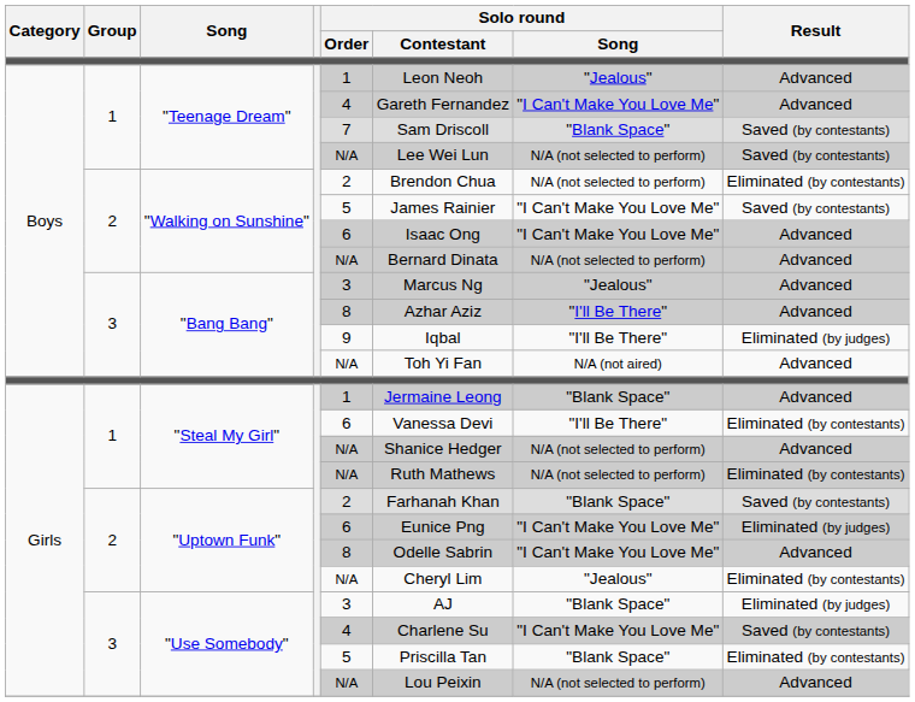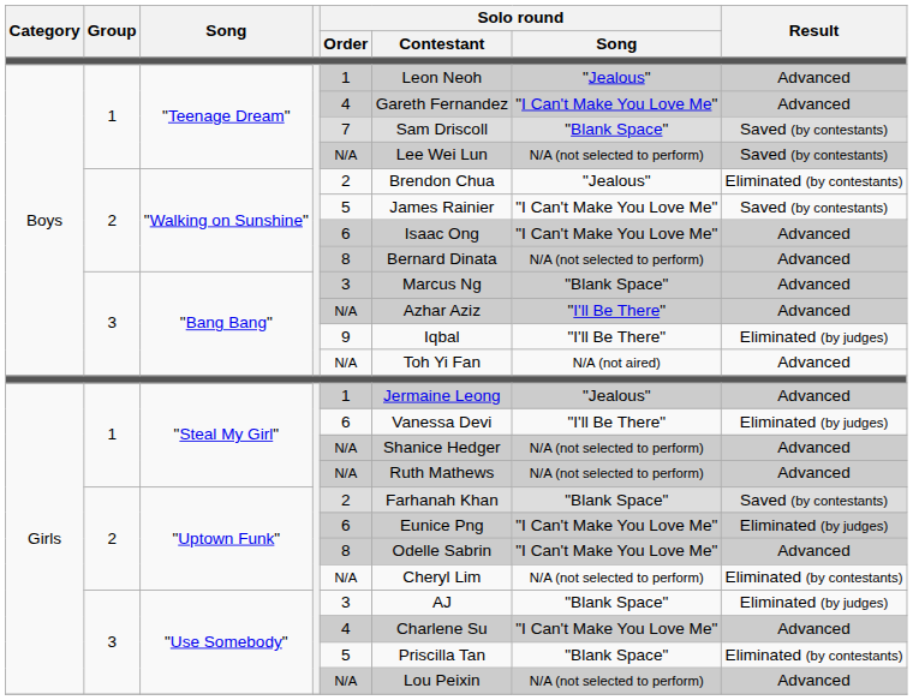 <table class="wikitable plainrowheaders" style="text-align:center;">
 <tr>
 <th rowspan=2 scope="col">Category</th>
 <th rowspan=2 scope="col">Group</th>
 <th rowspan=2 scope="col">Song</th>
 <th rowspan=2 scope="col"></th>
 <th colspan=3 scope="col">Solo round</th>
 <th rowspan=2 scope="col">Result</th>
 </tr>
 <tr>
 <th scope="col">Order</th>
 <th scope="col">Contestant</th>
 <th scope="col">Song</th>
 </tr>
 <tr>
 <td colspan="8" style="background:#555;"></td>
 </tr>
 <tr>
 <td rowspan=12 scope="row">Boys</td>
 <td rowspan=4 scope="row">1</td>
 <td rowspan=4>"<a href='#'>Teenage Dream</a>"</td>
 <th rowspan=12 scope="col"></th>
 <td style="background:#ccc;" scope="row">1</td>
 <td style="background:#ccc;">Leon Neoh</td>
 <td style="background:#ccc;">"<a href='#'>Jealous</a>"</td>
 <td style="background:#ccc;">Advanced</td>
 </tr>
 <tr style="background:#ccc;">
 <td scope="row">4</td>
 <td>Gareth Fernandez</td>
 <td>"<a href='#'>I Can't Make You Love Me</a>"</td>
 <td>Advanced</td>
 </tr>
 <tr style="background:#ddd;">
 <td scope="row">7</td>
 <td>Sam Driscoll</td>
 <td>"<a href='#'>Blank Space</a>"</td>
 <td>Saved <small>(by contestants)</small></td>
 </tr>
 <tr style="background:#ccc;">
 <td scope="row"><small>N/A</small></td>
 <td>Lee Wei Lun</td>
 <td><small>N/A (not selected to perform)</small></td>
 <td>Saved <small>(by contestants)</small></td>
 </tr>
 <tr>
 <td rowspan=4 scope="row">2</td>
 <td rowspan=4>"<a href='#'>Walking on Sunshine</a>"</td>
 <td scope="row">2</td>
 <td>Brendon Chua</td>
-<td><small>N/A (not selected to perform)</small></td>
+<td>"Jealous"</td>
 <td>Eliminated <small>(by contestants)</small></td>
 </tr>
 <tr>
 <td scope="row">5</td>
 <td>James Rainier</td>
 <td>"I Can't Make You Love Me"</td>
 <td>Saved <small>(by contestants)</small></td>
 </tr>
 <tr style="background:#ccc;">
 <td scope="row">6</td>
 <td>Isaac Ong</td>
 <td>"I Can't Make You Love Me"</td>
 <td>Advanced</td>
 </tr>
 <tr style="background:#ccc;">
-<td scope="row"><small>N/A</small></td>
+<td scope="row">8</td>
 <td>Bernard Dinata</td>
 <td><small>N/A (not selected to perform)</small></td>
 <td>Advanced</td>
 </tr>
 <tr>
 <td rowspan=4 scope="row">3</td>
 <td rowspan=4>"<a href='#'>Bang Bang</a>"</td>
 <td style="background:#ccc;" scope="row">3</td>
 <td style="background:#ccc;">Marcus Ng</td>
-<td style="background:#ccc;">"Jealous"</td>
+<td style="background:#ccc;">"Blank Space"</td>
 <td style="background:#ccc;">Advanced</td>
 </tr>
 <tr style="background:#ccc;">
-<td scope="row">8</td>
+<td scope="row"><small>N/A</small></td>
 <td>Azhar Aziz</td>
 <td>"<a href='#'>I'll Be There</a>"</td>
 <td>Advanced</td>
 </tr>
 <tr>
 <td scope="row">9</td>
 <td>Iqbal</td>
 <td>"I'll Be There"</td>
 <td>Eliminated <small>(by judges)</small></td>
 </tr>
 <tr>
 <td scope="row"><small>N/A</small></td>
 <td>Toh Yi Fan</td>
 <td><small>N/A (not aired)</small></td>
 <td>Advanced</td>
 </tr>
 <tr>
 <td colspan="8" style="background:#555;"></td>
 </tr>
 <tr>
 <td rowspan=12 scope="row">Girls</td>
 <td rowspan=4 scope="row">1</td>
 <td rowspan=4>"<a href='#'>Steal My Girl</a>"</td>
 <th rowspan=12 scope="col"></th>
 <td style="background:#ccc;" scope="row">1</td>
 <td style="background:#ccc;"><a href='#'>Jermaine Leong</a></td>
-<td style="background:#ccc;">"Blank Space"</td>
+<td style="background:#ccc;">"Jealous"</td>
 <td style="background:#ccc;">Advanced</td>
 </tr>
 <tr>
 <td scope="row">6</td>
 <td>Vanessa Devi</td>
 <td>"I'll Be There"</td>
-<td>Eliminated <small>(by contestants)</small></td>
+<td>Eliminated <small>(by judges)</small></td>
 </tr>
 <tr style="background:#ccc;">
 <td scope="row"><small>N/A</small></td>
 <td>Shanice Hedger</td>
 <td><small>N/A (not selected to perform)</small></td>
 <td>Advanced</td>
 </tr>
 <tr style="background:#ccc;">
 <td scope="row"><small>N/A</small></td>
 <td>Ruth Mathews</td>
 <td><small>N/A (not selected to perform)</small></td>
-<td>Eliminated <small>(by contestants)</small></td>
+<td>Advanced</td>
 </tr>
 <tr>
 <td rowspan=4 scope="row">2</td>
 <td rowspan=4>"<a href='#'>Uptown Funk</a>"</td>
 <td style="background:#ddd;" scope="row">2</td>
 <td style="background:#ddd;">Farhanah Khan</td>
 <td style="background:#ddd;">"Blank Space"</td>
 <td style="background:#ddd;">Saved <small>(by contestants)</small></td>
 </tr>
 <tr style="background:#ccc;">
 <td scope="row">6</td>
 <td>Eunice Png</td>
 <td>"I Can't Make You Love Me"</td>
 <td>Eliminated <small>(by judges)</small></td>
 </tr>
 <tr style="background:#ccc;">
 <td scope="row">8</td>
 <td>Odelle Sabrin</td>
 <td>"I Can't Make You Love Me"</td>
 <td>Advanced</td>
 </tr>
 <tr>
 <td scope="row"><small>N/A</small></td>
 <td>Cheryl Lim</td>
-<td>"Jealous"</td>
+<td><small>N/A (not selected to perform)</small></td>
 <td>Eliminated <small>(by contestants)</small></td>
 </tr>
 <tr>
 <td rowspan=4 scope="row">3</td>
 <td rowspan=4>"<a href='#'>Use Somebody</a>"</td>
 <td scope="row">3</td>
 <td>AJ</td>
 <td>"Blank Space"</td>
 <td>Eliminated <small>(by judges)</small></td>
 </tr>
 <tr style="background:#ccc;">
 <td scope="row">4</td>
 <td>Charlene Su</td>
 <td>"I Can't Make You Love Me"</td>
-<td>Saved <small>(by contestants)</small></td>
+<td>Advanced</td>
 </tr>
 <tr>
 <td scope="row">5</td>
 <td>Priscilla Tan</td>
 <td>"Blank Space"</td>
 <td>Eliminated <small>(by contestants)</small></td>
 </tr>
 <tr style="background:#ccc;">
 <td scope="row"><small>N/A</small></td>
 <td>Lou Peixin</td>
 <td><small>N/A (not selected to perform)</small></td>
 <td>Advanced</td>
 </tr>
 <tr>
 </tr>
 </table>
